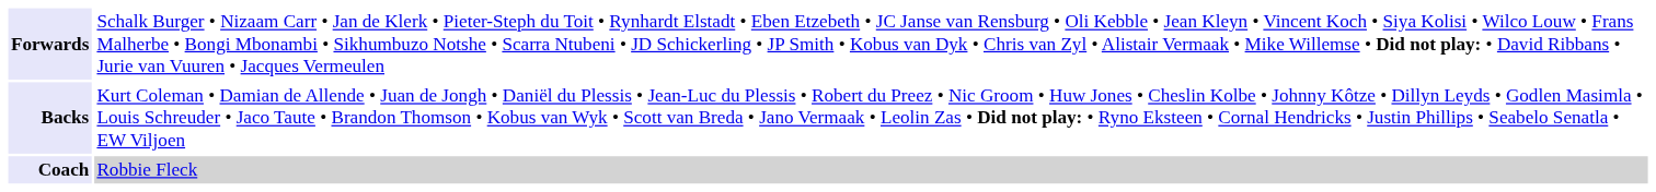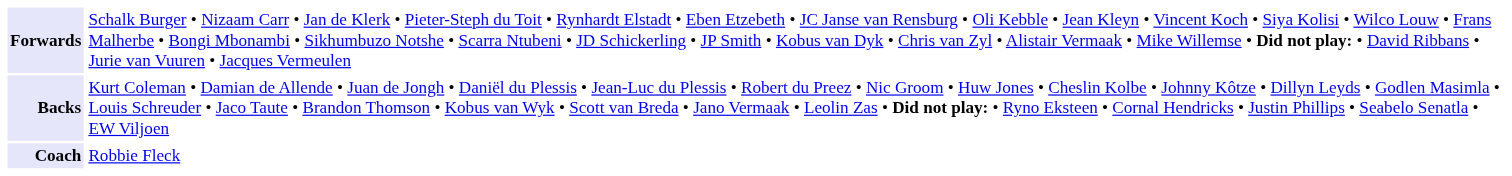 <table cellpadding="2" style="border: 1px solid white; font-size:90%;">
 <tr>
 <td style="text-align:right;" bgcolor="lavender"><strong>Forwards</strong></td>
 <td style="text-align:left;"><a href='#'>Schalk Burger</a> • <a href='#'>Nizaam Carr</a> • <a href='#'>Jan de Klerk</a> • <a href='#'>Pieter-Steph du Toit</a> • <a href='#'>Rynhardt Elstadt</a> • <a href='#'>Eben Etzebeth</a> • <a href='#'>JC Janse van Rensburg</a> • <a href='#'>Oli Kebble</a> • <a href='#'>Jean Kleyn</a> • <a href='#'>Vincent Koch</a> • <a href='#'>Siya Kolisi</a> • <a href='#'>Wilco Louw</a> • <a href='#'>Frans Malherbe</a> • <a href='#'>Bongi Mbonambi</a> • <a href='#'>Sikhumbuzo Notshe</a> • <a href='#'>Scarra Ntubeni</a> • <a href='#'>JD Schickerling</a> • <a href='#'>JP Smith</a> • <a href='#'>Kobus van Dyk</a> • <a href='#'>Chris van Zyl</a> • <a href='#'>Alistair Vermaak</a> • <a href='#'>Mike Willemse</a> • <strong>Did not play:</strong> • <a href='#'>David Ribbans</a> • <a href='#'>Jurie van Vuuren</a> • <a href='#'>Jacques Vermeulen</a></td>
 </tr>
 <tr>
 <td style="text-align:right;" bgcolor="lavender"><strong>Backs</strong></td>
 <td style="text-align:left;"><a href='#'>Kurt Coleman</a> • <a href='#'>Damian de Allende</a> • <a href='#'>Juan de Jongh</a> • <a href='#'>Daniël du Plessis</a> • <a href='#'>Jean-Luc du Plessis</a> • <a href='#'>Robert du Preez</a> • <a href='#'>Nic Groom</a> • <a href='#'>Huw Jones</a> • <a href='#'>Cheslin Kolbe</a> • <a href='#'>Johnny Kôtze</a> • <a href='#'>Dillyn Leyds</a> • <a href='#'>Godlen Masimla</a> • <a href='#'>Louis Schreuder</a> • <a href='#'>Jaco Taute</a> • <a href='#'>Brandon Thomson</a> • <a href='#'>Kobus van Wyk</a> • <a href='#'>Scott van Breda</a> • <a href='#'>Jano Vermaak</a> • <a href='#'>Leolin Zas</a> • <strong>Did not play:</strong> • <a href='#'>Ryno Eksteen</a> • <a href='#'>Cornal Hendricks</a> • <a href='#'>Justin Phillips</a> • <a href='#'>Seabelo Senatla</a> • <a href='#'>EW Viljoen</a></td>
 </tr>
 <tr>
 <td style="text-align:right;" bgcolor="lavender"><strong>Coach</strong></td>
-<td style="background: lightgrey; text-align:left;"><a href='#'>Robbie Fleck</a></td>
+<td style="text-align:left;"><a href='#'>Robbie Fleck</a></td>
 </tr>
 </table>
